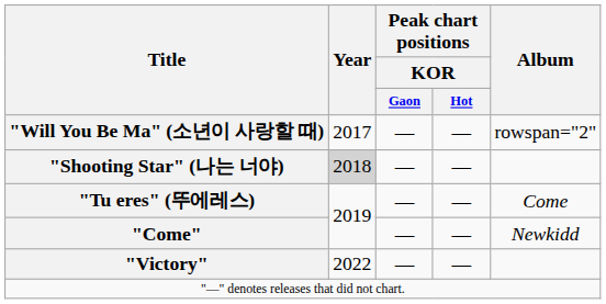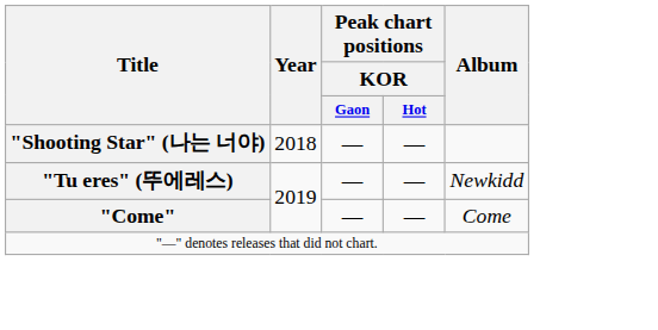 <table class="wikitable plainrowheaders" style="text-align:center;">
 <tr>
 <th scope="col" rowspan="3">Title</th>
 <th scope="col" rowspan="3">Year</th>
 <th scope="col" colspan="2">Peak chart <br> positions</th>
 <th scope="col" rowspan="3">Album</th>
 </tr>
 <tr>
 <th scope="col" colspan="2">KOR</th>
 </tr>
 <tr>
 <th scope="col" style="width:3em;font-size:85%;"><small><a href='#'>Gaon</a></small><br></th>
 <th scope="col" style="width:3em;font-size:85%;"><small><a href='#'>Hot</a></small><br></th>
 </tr>
 <tr>
-<th scope="row">"Will You Be Ma" (소년이 사랑할 때)</th>
-<td>2017</td>
-<td>—</td>
-<td>—</td>
-<td>rowspan="2" </td>
-</tr>
-<tr>
 <th scope="row">"Shooting Star" (나는 너야)</th>
-<td style="background: lightgrey;">2018</td>
+<td>2018</td>
 <td>—</td>
 <td>—</td>
 </tr>
 <tr>
 <th scope="row">"Tu eres" (뚜에레스)</th>
 <td rowspan="2">2019</td>
 <td>—</td>
 <td>—</td>
-<td><em>Come</em></td>
+<td><em>Newkidd</em></td>
 </tr>
 <tr>
 <th scope="row">"Come"</th>
 <td>—</td>
 <td>—</td>
-<td><em>Newkidd</em></td>
-</tr>
-<tr>
-<th scope="row">"Victory"</th>
-<td>2022</td>
-<td>—</td>
-<td>—</td>
-<td></td>
+<td><em>Come</em></td>
 </tr>
 <tr>
 <td colspan="5" style="font-size:8pt">"—" denotes releases that did not chart.</td>
 </tr>
 </table>
